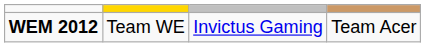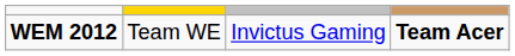 <table class="wikitable" style="text-align:left">
 <tr>
 <td></td>
 <td style="text-align:center" bgcolor="gold"></td>
 <td style="text-align:center" bgcolor="silver"></td>
 <td style="text-align:center" bgcolor="CC9966"></td>
 </tr>
 <tr>
 <td style="text-align:center"><strong>WEM 2012</strong></td>
 <td>Team WE</td>
 <td><a href='#'>Invictus Gaming</a></td>
-<td>Team Acer</td>
+<td><strong>Team Acer</strong></td>
 </tr>
 </table>
